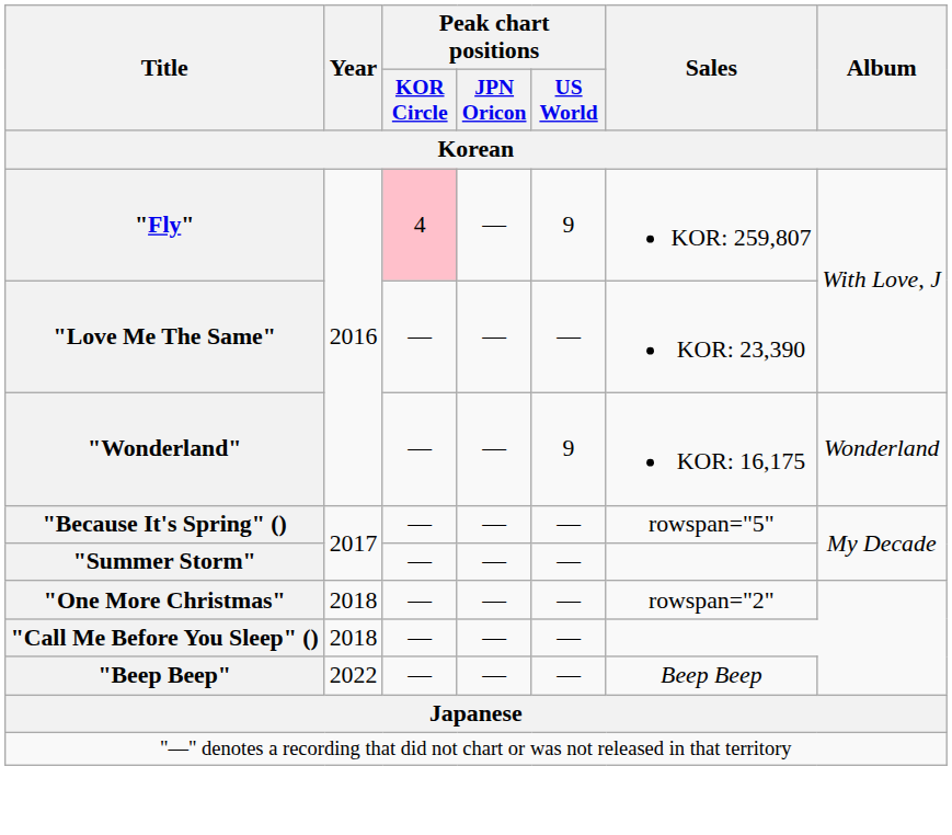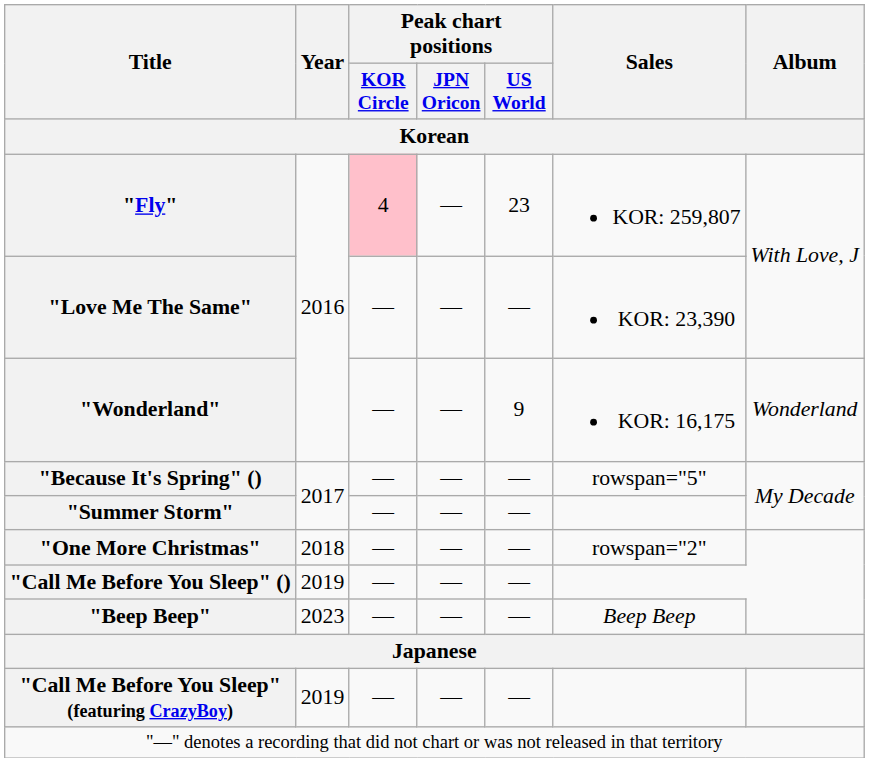 <table class="wikitable plainrowheaders" style="text-align:center">
 <tr>
 <th scope="col" rowspan="2">Title</th>
 <th scope="col" rowspan="2">Year</th>
 <th scope="col" colspan="3">Peak chart<br>positions</th>
 <th scope="col" rowspan="2">Sales</th>
 <th scope="col" rowspan="2">Album</th>
 </tr>
 <tr>
 <th scope="col" style="font-size:90%; width:3em"><a href='#'>KOR<br>Circle</a><br></th>
 <th scope="col" style="font-size:90%; width:3em"><a href='#'>JPN<br>Oricon</a></th>
 <th scope="col" style="font-size:90%; width:3em"><a href='#'>US<br>World</a><br></th>
 </tr>
 <tr>
 <th scope="col" colspan="7">Korean</th>
 </tr>
 <tr>
 <th scope="row">"<a href='#'>Fly</a>"<br></th>
 <td rowspan="3">2016</td>
 <td style="background: pink;">4</td>
 <td>—</td>
-<td>9</td>
+<td>23</td>
 <td><br><ul><li>KOR: 259,807</li></ul></td>
 <td rowspan="2"><em>With Love, J</em></td>
 </tr>
 <tr>
 <th scope="row">"Love Me The Same"</th>
 <td>—</td>
 <td>—</td>
 <td>—</td>
 <td><br><ul><li>KOR: 23,390</li></ul></td>
 </tr>
 <tr>
 <th scope="row">"Wonderland"</th>
 <td>—</td>
 <td>—</td>
 <td>9</td>
 <td><br><ul><li>KOR: 16,175</li></ul></td>
 <td><em>Wonderland</em></td>
 </tr>
 <tr>
 <th scope="row">"Because It's Spring" ()</th>
 <td rowspan="2">2017</td>
 <td>—</td>
 <td>—</td>
 <td>—</td>
 <td>rowspan="5" </td>
 <td rowspan="2"><em>My Decade</em></td>
 </tr>
 <tr>
 <th scope="row">"Summer Storm"</th>
 <td>—</td>
 <td>—</td>
 <td>—</td>
 </tr>
 <tr>
 <th scope="row">"One More Christmas"</th>
 <td>2018</td>
 <td>—</td>
 <td>—</td>
 <td>—</td>
 <td>rowspan="2" </td>
 </tr>
 <tr>
 <th scope="row">"Call Me Before You Sleep" ()<br></th>
-<td>2018</td>
+<td>2019</td>
 <td>—</td>
 <td>—</td>
 <td>—</td>
 </tr>
 <tr>
 <th scope="row">"Beep Beep"</th>
-<td>2022</td>
+<td>2023</td>
 <td>—</td>
 <td>—</td>
 <td>—</td>
 <td><em>Beep Beep</em></td>
 </tr>
 <tr>
 <th colspan="7">Japanese</th>
 </tr>
 <tr>
+<th scope="row">"Call Me Before You Sleep"<br><small>(featuring <a href='#'>CrazyBoy</a>)</small></th>
+<td>2019</td>
+<td>—</td>
+<td>—</td>
+<td>—</td>
+<td></td>
+<td></td>
+</tr>
+<tr>
 <td colspan="7" style="font-size:85%">"—" denotes a recording that did not chart or was not released in that territory</td>
 </tr>
 </table>
